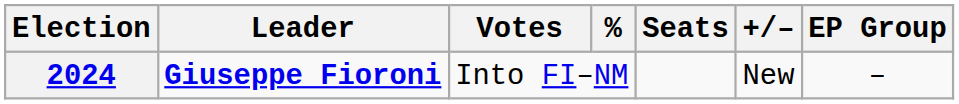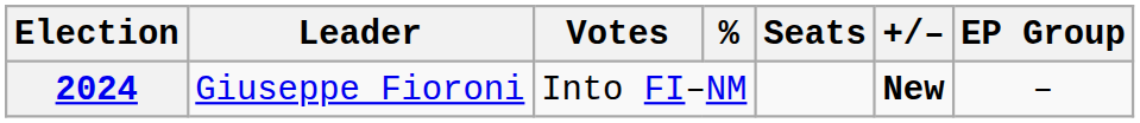 <table class="wikitable" style="text-align:center">
 <tr>
 <th>Election</th>
 <th>Leader</th>
 <th>Votes</th>
 <th>%</th>
 <th>Seats</th>
 <th>+/–</th>
 <th>EP Group</th>
 </tr>
 <tr>
 <th><a href='#'>2024</a></th>
-<td><strong><a href='#'>Giuseppe Fioroni</a></strong></td>
+<td><a href='#'>Giuseppe Fioroni</a></td>
 <td colspan="2">Into <a href='#'>FI</a>–<a href='#'>NM</a></td>
 <td></td>
-<td>New</td>
+<td><strong>New</strong></td>
 <td>–</td>
 </tr>
 </table>
